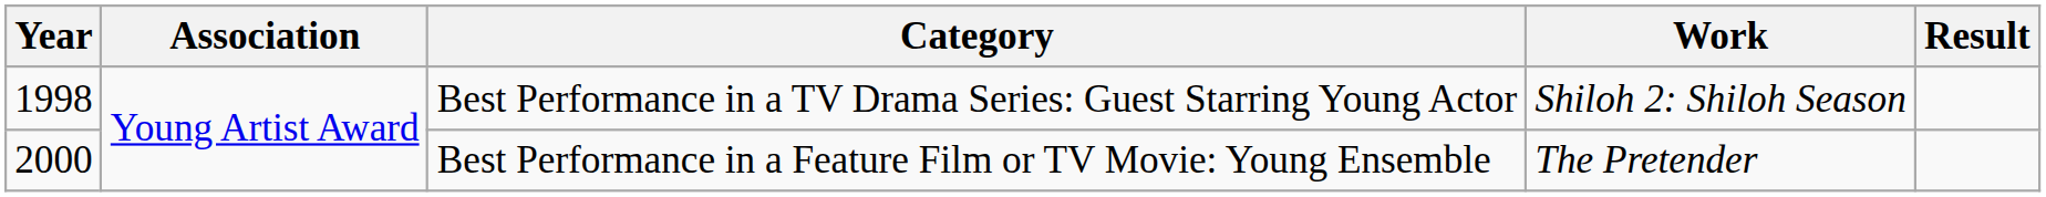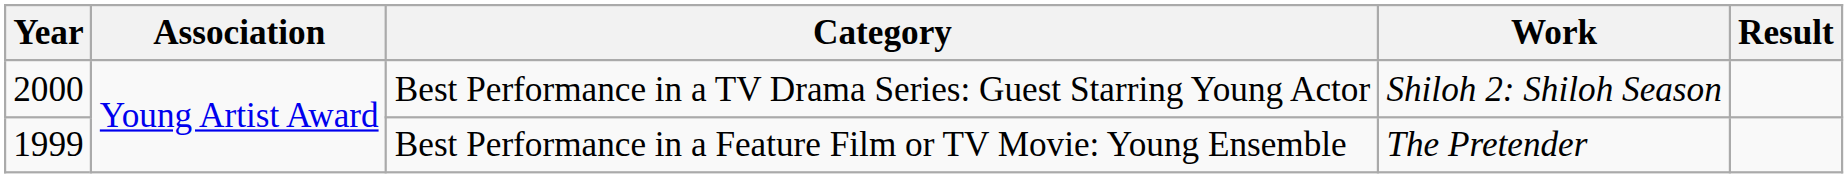 <table class="wikitable sortable">
 <tr>
 <th>Year</th>
 <th>Association</th>
 <th>Category</th>
 <th>Work</th>
 <th>Result</th>
 </tr>
 <tr>
-<td>1998</td>
+<td>2000</td>
 <td rowspan="2"><a href='#'>Young Artist Award</a></td>
 <td>Best Performance in a TV Drama Series: Guest Starring Young Actor</td>
 <td><em>Shiloh 2: Shiloh Season</em></td>
 <td></td>
 </tr>
 <tr>
-<td>2000</td>
+<td>1999</td>
 <td>Best Performance in a Feature Film or TV Movie: Young Ensemble</td>
 <td><em>The Pretender</em></td>
 <td></td>
 </tr>
 </table>
